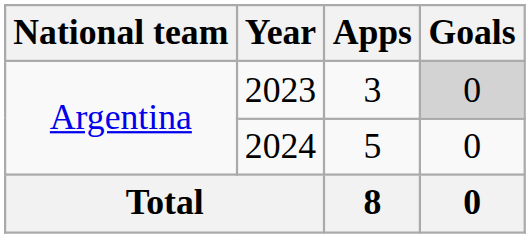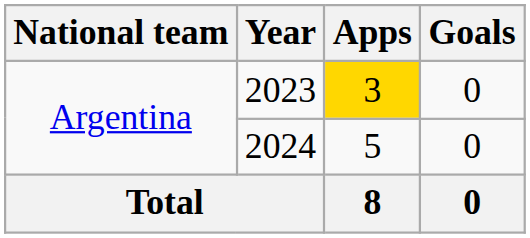 <table class="wikitable" style="text-align:center">
 <tr>
 <th>National team</th>
 <th>Year</th>
 <th>Apps</th>
 <th>Goals</th>
 </tr>
 <tr>
 <td rowspan="2"><a href='#'>Argentina</a></td>
 <td>2023</td>
-<td>3</td>
-<td style="background: lightgrey;">0</td>
+<td style="background: gold;">3</td>
+<td>0</td>
 </tr>
 <tr>
 <td>2024</td>
 <td>5</td>
 <td>0</td>
 </tr>
 <tr>
 <th colspan="2">Total</th>
 <th>8</th>
 <th>0</th>
 </tr>
 </table>
